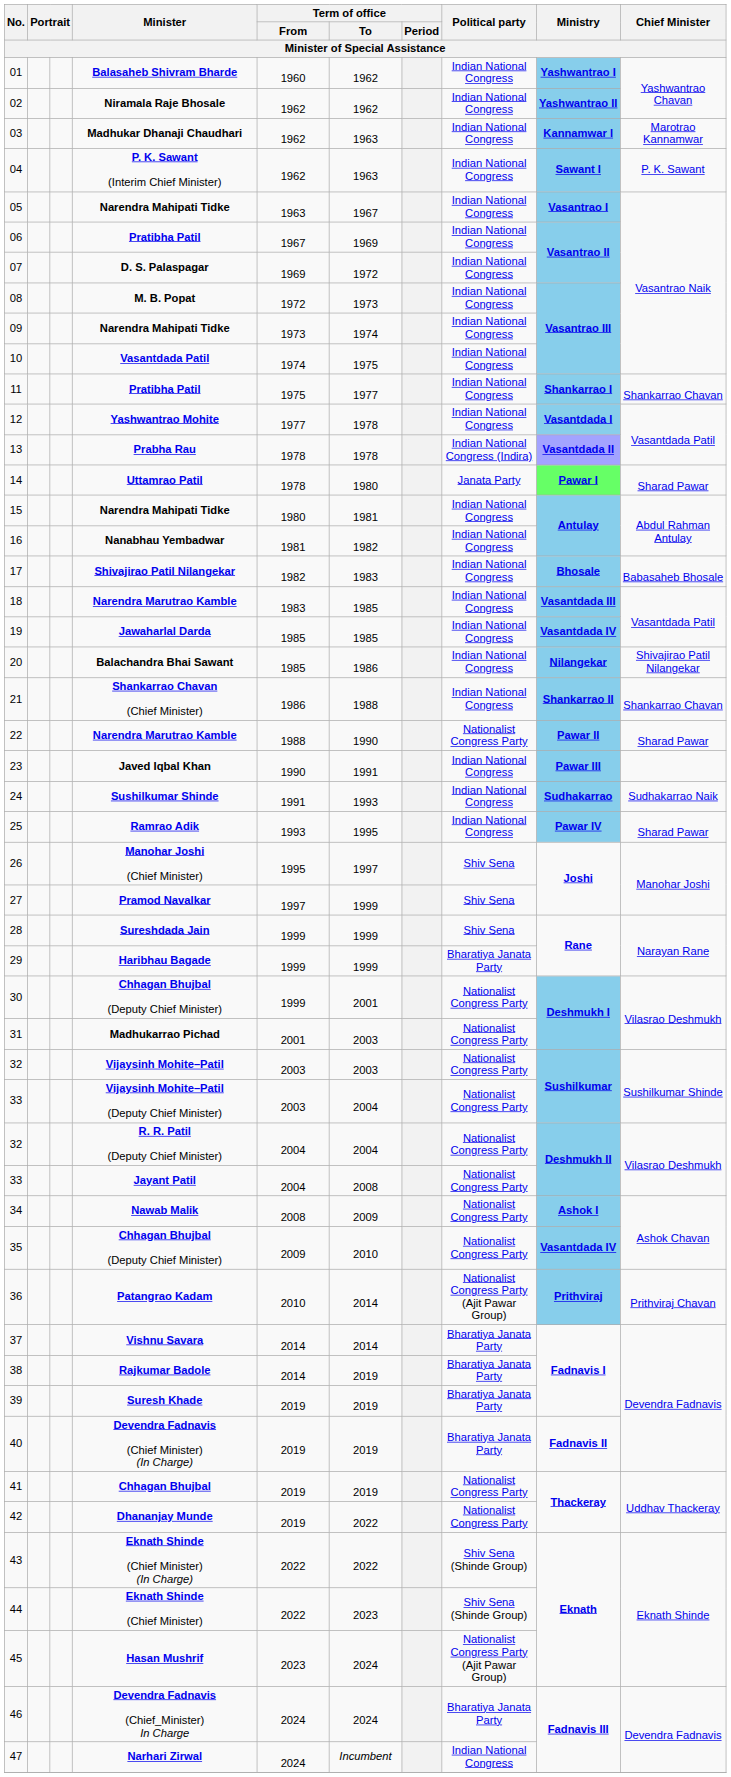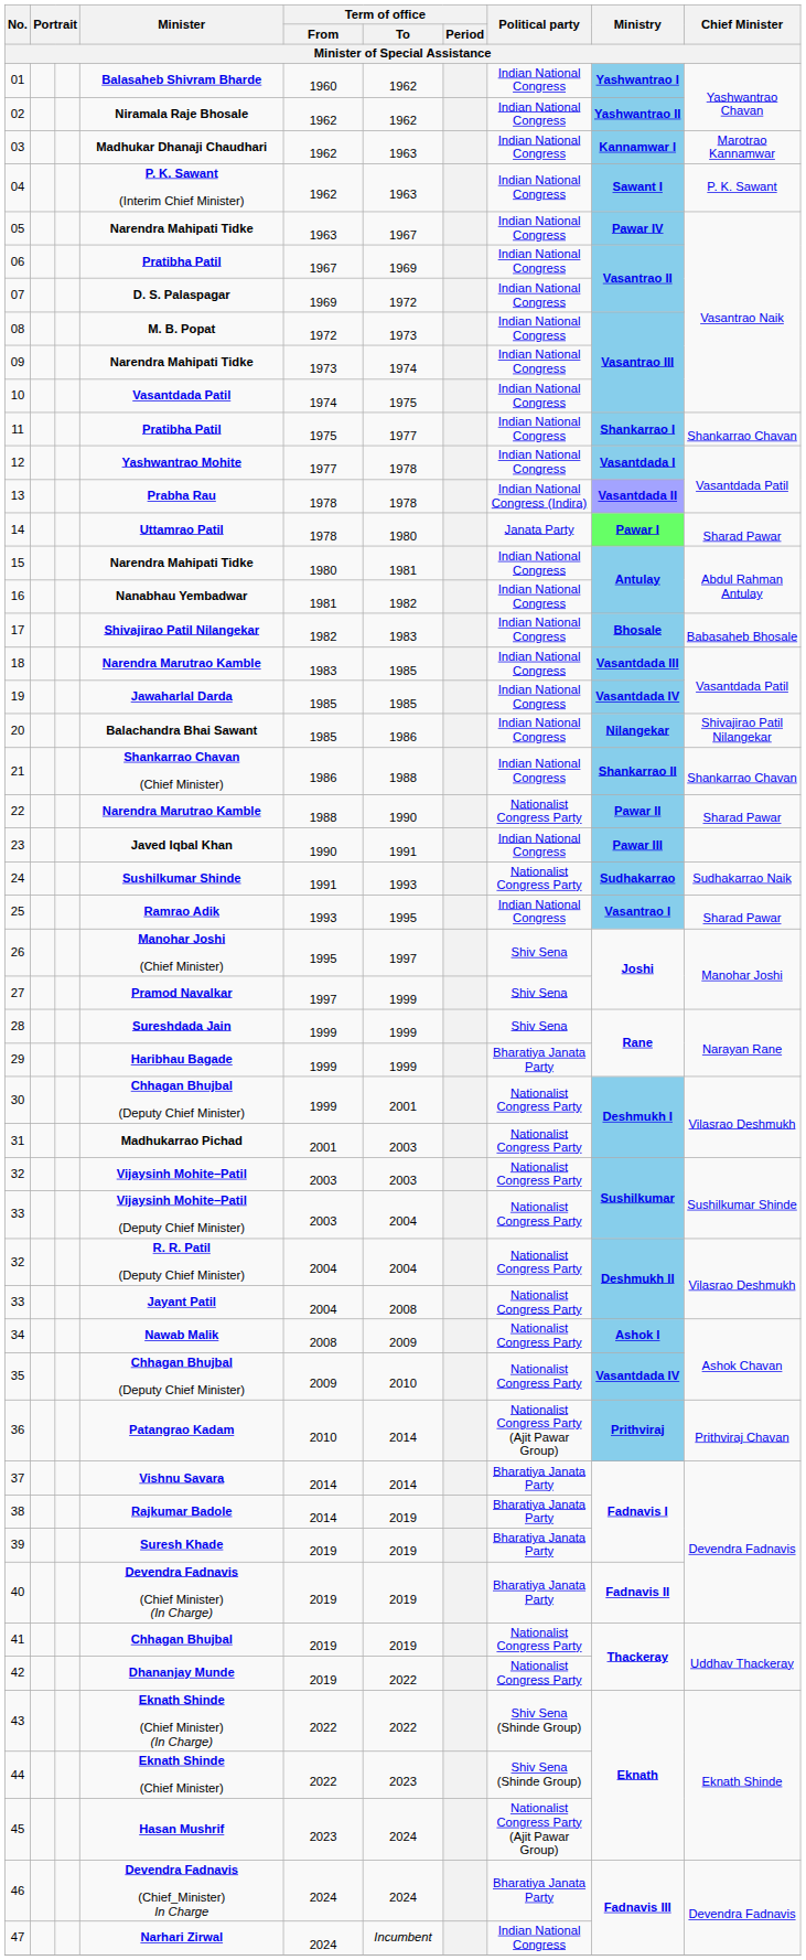 <table class="wikitable" style="text-align:center">
 <tr>
 <th rowspan="2">No.</th>
 <th rowspan="2" colspan="2">Portrait</th>
 <th rowspan="2" style="width:16em">Minister<br></th>
 <th colspan="3">Term of office</th>
 <th rowspan="2" style="width:8em">Political party</th>
 <th rowspan="2">Ministry</th>
 <th rowspan="2" style="width:9em">Chief Minister</th>
 </tr>
 <tr>
 <th style="width:6em">From</th>
 <th style="width:6em">To</th>
 <th>Period</th>
 </tr>
 <tr>
 <th colspan="10">Minister of Special Assistance</th>
 </tr>
 <tr>
 <td>01</td>
 <td style="color:inherit;background:"></td>
 <td></td>
 <td><strong><a href='#'>Balasaheb Shivram Bharde</a></strong>  <br> </td>
 <td><br>1960</td>
 <td><br>1962</td>
 <th></th>
 <td><a href='#'>Indian National Congress</a></td>
 <td bgcolor="#87CEEB"><a href='#'><strong>Yashwantrao I</strong></a></td>
 <td rowspan="2"> <br><a href='#'>Yashwantrao Chavan</a></td>
 </tr>
 <tr>
 <td>02</td>
 <td style="color:inherit;background:"></td>
 <td></td>
 <td><strong>Niramala Raje Bhosale</strong> <br> </td>
 <td><br>1962</td>
 <td><br>1962</td>
 <th></th>
 <td><a href='#'>Indian National Congress</a></td>
 <td bgcolor="#87CEEB"><a href='#'><strong>Yashwantrao II</strong></a></td>
 </tr>
 <tr>
 <td>03</td>
 <td style="color:inherit;background:"></td>
 <td></td>
 <td><strong>Madhukar Dhanaji Chaudhari</strong> <br> </td>
 <td><br>1962</td>
 <td><br>1963</td>
 <th></th>
 <td><a href='#'>Indian National Congress</a></td>
 <td bgcolor="#87CEEB"><a href='#'><strong>Kannamwar l</strong></a></td>
 <td><a href='#'>Marotrao Kannamwar</a></td>
 </tr>
 <tr>
 <td>04</td>
 <td style="color:inherit;background:"></td>
 <td></td>
 <td><strong><a href='#'>P. K. Sawant</a></strong> <br>  <br>(Interim Chief Minister)</td>
 <td><br>1962</td>
 <td><br>1963</td>
 <th></th>
 <td><a href='#'>Indian National Congress</a></td>
 <td bgcolor="#87CEEB"><a href='#'><strong>Sawant I</strong></a></td>
 <td><a href='#'>P. K. Sawant</a></td>
 </tr>
 <tr>
 <td>05</td>
 <td style="color:inherit;background:"></td>
 <td></td>
 <td><strong>Narendra Mahipati Tidke</strong> <br> </td>
 <td><br>1963</td>
 <td><br>1967</td>
 <th></th>
 <td><a href='#'>Indian National Congress</a></td>
-<td bgcolor="#87CEEB"><a href='#'><strong>Vasantrao I</strong></a></td>
+<td bgcolor="#87CEEB"><a href='#'><strong>Pawar IV</strong></a></td>
 <td rowspan="6"><br><a href='#'>Vasantrao Naik</a></td>
 </tr>
 <tr>
 <td>06</td>
 <td style="color:inherit;background:"></td>
 <td></td>
 <td><strong><a href='#'>Pratibha Patil</a></strong> <br> </td>
 <td><br>1967</td>
 <td><br>1969</td>
 <th></th>
 <td><a href='#'>Indian National Congress</a></td>
 <td rowspan="2" bgcolor="#87CEEB"><a href='#'><strong>Vasantrao II</strong></a></td>
 </tr>
 <tr>
 <td>07</td>
 <td style="color:inherit;background:"></td>
 <td></td>
 <td><strong>D. S. Palaspagar</strong> <br> </td>
 <td><br>1969</td>
 <td><br>1972</td>
 <th></th>
 <td><a href='#'>Indian National Congress</a></td>
 </tr>
 <tr>
 <td>08</td>
 <td style="color:inherit;background:"></td>
 <td></td>
 <td><strong>M. B. Popat</strong> <br> </td>
 <td><br>1972</td>
 <td><br>1973</td>
 <th></th>
 <td><a href='#'>Indian National Congress</a></td>
 <td rowspan="3" bgcolor="#87CEEB"><a href='#'><strong>Vasantrao III</strong></a></td>
 </tr>
 <tr>
 <td>09</td>
 <td style="color:inherit;background:"></td>
 <td></td>
 <td><strong>Narendra Mahipati Tidke</strong> <br> </td>
 <td><br>1973</td>
 <td><br>1974</td>
 <th></th>
 <td><a href='#'>Indian National Congress</a></td>
 </tr>
 <tr>
 <td>10</td>
 <td style="color:inherit;background:"></td>
 <td></td>
 <td><strong><a href='#'>Vasantdada Patil</a></strong> <br> </td>
 <td><br>1974</td>
 <td><br>1975</td>
 <th></th>
 <td><a href='#'>Indian National Congress</a></td>
 </tr>
 <tr>
 <td>11</td>
 <td style="color:inherit;background:"></td>
 <td></td>
 <td><strong><a href='#'>Pratibha Patil</a></strong>  <br> </td>
 <td><br>1975</td>
 <td><br>1977</td>
 <th></th>
 <td><a href='#'>Indian National Congress</a></td>
 <td rowspan="1" bgcolor="#87CEEB"><a href='#'><strong>Shankarrao I</strong></a></td>
 <td rowspan="1"><br><a href='#'>Shankarrao Chavan</a></td>
 </tr>
 <tr>
 <td>12</td>
 <td style="color:inherit;background:"></td>
 <td></td>
 <td><strong><a href='#'>Yashwantrao Mohite</a></strong> <br> </td>
 <td><br>1977</td>
 <td><br>1978</td>
 <th></th>
 <td><a href='#'>Indian National Congress</a></td>
 <td rowspan="1" bgcolor="#88CEEB"><a href='#'><strong>Vasantdada I</strong></a></td>
 <td rowspan="2"><br><a href='#'>Vasantdada Patil</a></td>
 </tr>
 <tr>
 <td>13</td>
 <td style="color:inherit;background:"></td>
 <td></td>
 <td><strong><a href='#'>Prabha Rau</a></strong> <br> </td>
 <td><br>1978</td>
 <td><br>1978</td>
 <th></th>
 <td><a href='#'>Indian National Congress (Indira)</a></td>
 <td bgcolor="#A3A3FF"><a href='#'><strong>Vasantdada II</strong></a></td>
 </tr>
 <tr>
 <td>14</td>
 <td style="color:inherit;background:"></td>
 <td></td>
 <td><strong><a href='#'>Uttamrao Patil</a></strong> <br> </td>
 <td><br>1978</td>
 <td><br>1980</td>
 <th></th>
 <td><a href='#'>Janata Party</a></td>
 <td rowspan="1" bgcolor="#66FF66"><a href='#'><strong>Pawar I</strong></a></td>
 <td rowspan="1"><br><a href='#'>Sharad Pawar</a></td>
 </tr>
 <tr>
 <td>15</td>
 <td style="color:inherit;background:"></td>
 <td></td>
 <td><strong>Narendra Mahipati Tidke</strong> <br> </td>
 <td><br>1980</td>
 <td><br>1981</td>
 <th></th>
 <td><a href='#'>Indian National Congress</a></td>
 <td rowspan="2" bgcolor="#87CEEB"><a href='#'><strong>Antulay</strong></a></td>
 <td rowspan="2"> <br><a href='#'>Abdul Rahman Antulay</a></td>
 </tr>
 <tr>
 <td>16</td>
 <td style="color:inherit;background:"></td>
 <td></td>
 <td><strong>Nanabhau Yembadwar</strong> <br> </td>
 <td><br>1981</td>
 <td><br>1982</td>
 <th></th>
 <td><a href='#'>Indian National Congress</a></td>
 </tr>
 <tr>
 <td>17</td>
 <td style="color:inherit;background:"></td>
 <td></td>
 <td><strong><a href='#'>Shivajirao Patil Nilangekar</a></strong> <br> </td>
 <td><br>1982</td>
 <td><br>1983</td>
 <th></th>
 <td><a href='#'>Indian National Congress</a></td>
 <td rowspan="1" bgcolor="#87CEEB"><a href='#'><strong>Bhosale</strong></a></td>
 <td rowspan="1"> <br><a href='#'>Babasaheb Bhosale</a></td>
 </tr>
 <tr>
 <td>18</td>
 <td style="color:inherit;background:"></td>
 <td></td>
 <td><strong><a href='#'>Narendra Marutrao Kamble</a></strong>   <br> </td>
 <td><br>1983</td>
 <td><br>1985</td>
 <th></th>
 <td><a href='#'>Indian National Congress</a></td>
 <td bgcolor="#87CEEB"><a href='#'><strong>Vasantdada III</strong></a></td>
 <td rowspan="2"><br><a href='#'>Vasantdada Patil</a></td>
 </tr>
 <tr>
 <td>19</td>
 <td style="color:inherit;background:"></td>
 <td></td>
 <td><strong><a href='#'>Jawaharlal Darda</a></strong> <br> </td>
 <td><br>1985</td>
 <td><br>1985</td>
 <th></th>
 <td><a href='#'>Indian National Congress</a></td>
 <td bgcolor="#87CEEB"><a href='#'><strong>Vasantdada IV</strong></a></td>
 </tr>
 <tr>
 <td>20</td>
 <td style="color:inherit;background:"></td>
 <td></td>
 <td><strong>Balachandra Bhai Sawant</strong>  <br> </td>
 <td><br>1985</td>
 <td><br>1986</td>
 <th></th>
 <td><a href='#'>Indian National Congress</a></td>
 <td bgcolor="#87CEEB"><a href='#'><strong>Nilangekar</strong></a></td>
 <td><a href='#'>Shivajirao Patil Nilangekar</a></td>
 </tr>
 <tr>
 <td>21</td>
 <td style="color:inherit;background:"></td>
 <td></td>
 <td><strong><a href='#'>Shankarrao Chavan</a></strong> <br> <br> (Chief Minister)</td>
 <td><br>1986</td>
 <td><br>1988</td>
 <th></th>
 <td><a href='#'>Indian National Congress</a></td>
 <td rowspan="1"bgcolor="#87CEEB"><a href='#'><strong>Shankarrao II</strong></a></td>
 <td rowspan="1"> <br><a href='#'>Shankarrao Chavan</a></td>
 </tr>
 <tr>
 <td>22</td>
 <td style="color:inherit;background:"></td>
 <td></td>
 <td><strong><a href='#'>Narendra Marutrao Kamble</a></strong>   <br> </td>
 <td><br>1988</td>
 <td><br>1990</td>
 <th></th>
 <td><a href='#'>Nationalist Congress Party</a></td>
 <td rowspan="1" bgcolor="#87CEEB"><a href='#'><strong>Pawar II</strong></a></td>
 <td rowspan="1"> <br><a href='#'>Sharad Pawar</a></td>
 </tr>
 <tr>
 <td>23</td>
 <td style="color:inherit;background:"></td>
 <td></td>
 <td><strong>Javed Iqbal Khan</strong> <br> </td>
 <td><br>1990</td>
 <td><br>1991</td>
 <th></th>
 <td><a href='#'>Indian National Congress</a></td>
 <td rowspan="1" bgcolor="#87CEEB"><a href='#'><strong>Pawar III</strong></a></td>
 </tr>
 <tr>
 <td>24</td>
 <td style="color:inherit;background:"></td>
 <td></td>
 <td><strong><a href='#'>Sushilkumar Shinde</a></strong> <br> </td>
 <td><br>1991</td>
 <td><br>1993</td>
 <th></th>
-<td><a href='#'>Indian National Congress</a></td>
+<td><a href='#'>Nationalist Congress Party</a></td>
 <td rowspan="1" bgcolor="#87CEEB"><a href='#'><strong>Sudhakarrao</strong></a></td>
 <td rowspan="1"><a href='#'>Sudhakarrao Naik</a></td>
 </tr>
 <tr>
 <td>25</td>
 <td style="color:inherit;background:"></td>
 <td></td>
 <td><strong><a href='#'>Ramrao Adik</a></strong> <br> </td>
 <td><br>1993</td>
 <td><br>1995</td>
 <th></th>
 <td><a href='#'>Indian National Congress</a></td>
-<td bgcolor="#87CEEB"><a href='#'><strong>Pawar IV</strong></a></td>
+<td bgcolor="#87CEEB"><a href='#'><strong>Vasantrao I</strong></a></td>
 <td> <br><a href='#'>Sharad Pawar</a></td>
 </tr>
 <tr>
 <td>26</td>
 <td style="color:inherit;background:"></td>
 <td></td>
 <td><strong><a href='#'>Manohar Joshi</a></strong> <br> <br> (Chief Minister)</td>
 <td><br>1995</td>
 <td><br>1997</td>
 <th></th>
 <td><a href='#'>Shiv Sena</a></td>
 <td rowspan="2"><a href='#'><strong>Joshi</strong></a></td>
 <td rowspan="2"> <br><a href='#'>Manohar Joshi</a></td>
 </tr>
 <tr>
 <td>27</td>
 <td style="color:inherit;background:"></td>
 <td></td>
 <td><strong><a href='#'>Pramod Navalkar</a></strong> <br> </td>
 <td><br>1997</td>
 <td><br>1999</td>
 <th></th>
 <td><a href='#'>Shiv Sena</a></td>
 </tr>
 <tr>
 <td>28</td>
 <td style="color:inherit;background:"></td>
 <td></td>
 <td><strong><a href='#'>Sureshdada Jain</a></strong> <br> </td>
 <td><br>1999</td>
 <td><br>1999</td>
 <th></th>
 <td><a href='#'>Shiv Sena</a></td>
 <td rowspan="2"><a href='#'><strong>Rane</strong></a></td>
 <td rowspan="2"> <br><a href='#'>Narayan Rane</a></td>
 </tr>
 <tr>
 <td>29</td>
 <td style="color:inherit;background:"></td>
 <td></td>
 <td><strong><a href='#'>Haribhau Bagade</a></strong> <br> </td>
 <td><br>1999</td>
 <td><br>1999</td>
 <th></th>
 <td><a href='#'>Bharatiya Janata Party</a></td>
 </tr>
 <tr>
 <td>30</td>
 <td style="color:inherit;background:"></td>
 <td></td>
 <td><strong><a href='#'>Chhagan Bhujbal</a></strong> <br> <br>(Deputy Chief Minister)</td>
 <td><br>1999</td>
 <td><br>2001</td>
 <th></th>
 <td><a href='#'>Nationalist Congress Party</a></td>
 <td rowspan="2" bgcolor="#87CEEB"><a href='#'><strong>Deshmukh I</strong></a></td>
 <td rowspan="2"> <br><a href='#'>Vilasrao Deshmukh</a></td>
 </tr>
 <tr>
 <td>31</td>
 <td style="color:inherit;background:"></td>
 <td></td>
 <td><strong>Madhukarrao Pichad</strong> <br> </td>
 <td><br>2001</td>
 <td><br>2003</td>
 <th></th>
 <td><a href='#'>Nationalist Congress Party</a></td>
 </tr>
 <tr>
 <td>32</td>
 <td style="color:inherit;background:"></td>
 <td></td>
 <td><strong><a href='#'>Vijaysinh Mohite–Patil</a></strong> <br> </td>
 <td><br>2003</td>
 <td><br>2003</td>
 <th></th>
 <td><a href='#'>Nationalist Congress Party</a></td>
 <td rowspan="2" bgcolor="#87CEEB"><a href='#'><strong>Sushilkumar</strong></a></td>
 <td rowspan="2"> <br><a href='#'>Sushilkumar Shinde</a></td>
 </tr>
 <tr>
 <td>33</td>
 <td style="color:inherit;background:"></td>
 <td></td>
 <td><strong><a href='#'>Vijaysinh Mohite–Patil</a></strong> <br> <br>(Deputy Chief Minister)</td>
 <td><br>2003</td>
 <td><br>2004</td>
 <th></th>
 <td><a href='#'>Nationalist Congress Party</a></td>
 </tr>
 <tr>
 <td>32</td>
 <td style="color:inherit;background:"></td>
 <td></td>
 <td><strong><a href='#'>R. R. Patil</a></strong> <br> <br>(Deputy Chief Minister)</td>
 <td><br>2004</td>
 <td><br>2004</td>
 <th></th>
 <td><a href='#'>Nationalist Congress Party</a></td>
 <td rowspan="2" bgcolor="#87CEEB"><a href='#'><strong>Deshmukh II</strong></a></td>
 <td rowspan="2"> <br><a href='#'>Vilasrao Deshmukh</a></td>
 </tr>
 <tr>
 <td>33</td>
 <td style="color:inherit;background:"></td>
 <td></td>
 <td><strong><a href='#'>Jayant Patil</a></strong> <br> </td>
 <td><br>2004</td>
 <td><br>2008</td>
 <th></th>
 <td><a href='#'>Nationalist Congress Party</a></td>
 </tr>
 <tr>
 <td>34</td>
 <td style="color:inherit;background:"></td>
 <td></td>
 <td><strong><a href='#'>Nawab Malik</a></strong> <br> </td>
 <td><br>2008</td>
 <td><br>2009</td>
 <th></th>
 <td><a href='#'>Nationalist Congress Party</a></td>
 <td bgcolor="#87CEEB"><a href='#'><strong>Ashok I</strong></a></td>
 <td rowspan="2"><br><a href='#'>Ashok Chavan</a></td>
 </tr>
 <tr>
 <td>35</td>
 <td style="color:inherit;background:"></td>
 <td></td>
 <td><strong><a href='#'>Chhagan Bhujbal</a></strong> <br> <br>(Deputy Chief Minister)</td>
 <td><br>2009</td>
 <td><br>2010</td>
 <th></th>
 <td><a href='#'>Nationalist Congress Party</a></td>
 <td bgcolor="#87CEEB"><a href='#'><strong>Vasantdada IV</strong></a></td>
 </tr>
 <tr>
 <td>36</td>
 <td style="color:inherit;background:"></td>
 <td></td>
 <td><strong><a href='#'>Patangrao Kadam</a></strong> <br> </td>
 <td><br>2010</td>
 <td><br>2014</td>
 <th></th>
 <td><a href='#'>Nationalist Congress Party</a> (Ajit Pawar Group)</td>
 <td rowspan="1" bgcolor="#87CEEB"><a href='#'><strong>Prithviraj</strong></a></td>
 <td rowspan="1"><br><a href='#'>Prithviraj Chavan</a></td>
 </tr>
 <tr>
 <td>37</td>
 <td style="color:inherit;background:"></td>
 <td></td>
 <td><strong><a href='#'>Vishnu Savara</a></strong><br> </td>
 <td><br>2014</td>
 <td><br>2014</td>
 <th></th>
 <td rowspan="1"><a href='#'>Bharatiya Janata Party</a></td>
 <td rowspan="3"><a href='#'><strong>Fadnavis I</strong></a></td>
 <td rowspan="4"> <br><a href='#'>Devendra Fadnavis</a></td>
 </tr>
 <tr>
 <td>38</td>
 <td style="color:inherit;background:"></td>
 <td></td>
 <td><strong><a href='#'>Rajkumar Badole</a></strong> <br> </td>
 <td><br>2014</td>
 <td><br>2019</td>
 <th></th>
 <td rowspan="1"><a href='#'>Bharatiya Janata Party</a></td>
 </tr>
 <tr>
 <td>39</td>
 <td style="color:inherit;background:"></td>
 <td></td>
 <td><strong><a href='#'>Suresh Khade</a></strong> <br> </td>
 <td><br>2019</td>
 <td><br>2019</td>
 <th></th>
 <td rowspan="1"><a href='#'>Bharatiya Janata Party</a></td>
 </tr>
 <tr>
 <td>40</td>
 <td style="color:inherit;background:"></td>
 <td></td>
 <td><strong><a href='#'>Devendra Fadnavis</a></strong>  <br> <br>(Chief Minister) <br><em>(In Charge)</em></td>
 <td><br>2019</td>
 <td><br>2019</td>
 <th></th>
 <td><a href='#'>Bharatiya Janata Party</a></td>
 <td rowspan="1"><a href='#'><strong>Fadnavis II</strong></a></td>
 </tr>
 <tr>
 <td>41</td>
 <td style="color:inherit;background:"></td>
 <td></td>
 <td><strong><a href='#'>Chhagan Bhujbal</a></strong> <br> </td>
 <td><br>2019</td>
 <td><br>2019</td>
 <th></th>
 <td><a href='#'>Nationalist Congress Party</a></td>
 <td rowspan="2"><a href='#'><strong>Thackeray</strong></a></td>
 <td rowspan="2"> <br><a href='#'>Uddhav Thackeray</a></td>
 </tr>
 <tr>
 <td>42</td>
 <td style="color:inherit;background:"></td>
 <td></td>
 <td><strong><a href='#'>Dhananjay Munde</a></strong> <br> </td>
 <td><br>2019</td>
 <td><br>2022</td>
 <th></th>
 <td><a href='#'>Nationalist Congress Party</a></td>
 </tr>
 <tr>
 <td>43</td>
 <td style="color:inherit;background:"></td>
 <td></td>
 <td><strong><a href='#'>Eknath Shinde</a></strong> <br> <br>(Chief Minister) <br><em>(In Charge)</em></td>
 <td><br>2022</td>
 <td><br>2022</td>
 <th></th>
 <td><a href='#'>Shiv Sena</a> (Shinde Group)</td>
 <td rowspan="3"><a href='#'><strong>Eknath</strong></a></td>
 <td rowspan="3"> <br><a href='#'>Eknath Shinde</a></td>
 </tr>
 <tr>
 <td>44</td>
 <td style="color:inherit;background:"></td>
 <td></td>
 <td><strong><a href='#'>Eknath Shinde</a></strong> <br> <br>(Chief Minister) <br></td>
 <td><br>2022</td>
 <td><br>2023</td>
 <th></th>
 <td><a href='#'>Shiv Sena</a> (Shinde Group)</td>
 </tr>
 <tr>
 <td>45</td>
 <td style="color:inherit;background:"></td>
 <td></td>
 <td><strong><a href='#'>Hasan Mushrif</a></strong> <br> </td>
 <td><br>2023</td>
 <td><br>2024</td>
 <th></th>
 <td><a href='#'>Nationalist Congress Party</a> (Ajit Pawar Group)</td>
 </tr>
 <tr>
 <td>46</td>
 <td style="color:inherit;background:"></td>
 <td></td>
 <td><strong><a href='#'>Devendra Fadnavis</a></strong>  <br> <br>(Chief_Minister) <br><em>In Charge</em></td>
 <td><br>2024</td>
 <td><br>2024</td>
 <th></th>
 <td><a href='#'>Bharatiya Janata Party</a></td>
 <td rowspan="2"><a href='#'><strong>Fadnavis III</strong></a></td>
 <td rowspan="2"> <br><a href='#'>Devendra Fadnavis</a></td>
 </tr>
 <tr>
 <td>47</td>
 <td style="color:inherit;background:"></td>
 <td></td>
 <td><strong><a href='#'>Narhari Zirwal</a></strong> <br> </td>
 <td><br>2024</td>
 <td><em>Incumbent</em></td>
 <th></th>
 <td><a href='#'>Indian National Congress</a></td>
 </tr>
 <tr>
 </tr>
 </table>
